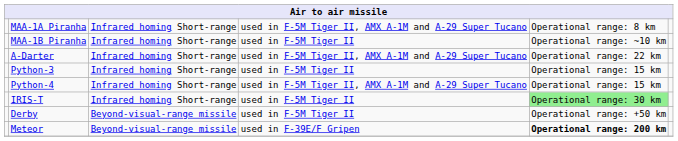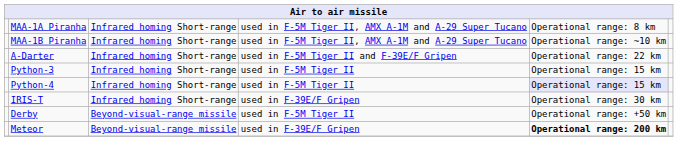 <table class="wikitable">
 <tr>
 <th style="align: center; background: lavender;" colspan="8"><strong>Air to air missile</strong></th>
 </tr>
 <tr>
 <td></td>
 <td><a href='#'>MAA-1A Piranha</a></td>
 <td><a href='#'>Infrared homing</a> Short-range</td>
 <td>used in <a href='#'>F-5M Tiger II</a>, <a href='#'>AMX A-1M</a> and <a href='#'>A-29 Super Tucano</a></td>
 <td>Operational range: 8 km</td>
 <td></td>
 </tr>
 <tr>
 <td></td>
 <td><a href='#'>MAA-1B Piranha</a></td>
 <td><a href='#'>Infrared homing</a> Short-range</td>
-<td>used in <a href='#'>F-5M Tiger II</a></td>
+<td>used in <a href='#'>F-5M Tiger II</a>, <a href='#'>AMX A-1M</a> and <a href='#'>A-29 Super Tucano</a></td>
 <td>Operational range: ~10 km</td>
 <td></td>
 </tr>
 <tr>
 <td> </td>
 <td><a href='#'>A-Darter</a></td>
 <td><a href='#'>Infrared homing</a> Short-range</td>
-<td>used in <a href='#'>F-5M Tiger II</a>, <a href='#'>AMX A-1M</a> and <a href='#'>A-29 Super Tucano</a></td>
+<td>used in <a href='#'>F-5M Tiger II</a> and <a href='#'>F-39E/F Gripen</a></td>
 <td>Operational range: 22 km</td>
 <td></td>
 </tr>
 <tr>
 <td></td>
 <td><a href='#'>Python-3</a></td>
 <td><a href='#'>Infrared homing</a> Short-range</td>
 <td>used in <a href='#'>F-5M Tiger II</a></td>
 <td>Operational range: 15 km</td>
 <td></td>
 </tr>
 <tr>
 <td></td>
 <td><a href='#'>Python-4</a></td>
 <td><a href='#'>Infrared homing</a> Short-range</td>
-<td>used in <a href='#'>F-5M Tiger II</a>, <a href='#'>AMX A-1M</a> and <a href='#'>A-29 Super Tucano</a></td>
-<td>Operational range: 15 km</td>
+<td>used in <a href='#'>F-5M Tiger II</a></td>
+<td style="background: lavender;">Operational range: 15 km</td>
 <td></td>
 </tr>
 <tr>
 <td></td>
 <td><a href='#'>IRIS-T</a></td>
 <td><a href='#'>Infrared homing</a> Short-range</td>
-<td>used in <a href='#'>F-5M Tiger II</a></td>
-<td style="background: lightgreen;">Operational range: 30 km</td>
+<td>used in <a href='#'>F-39E/F Gripen</a></td>
+<td>Operational range: 30 km</td>
 <td></td>
 </tr>
 <tr>
 <td></td>
 <td><a href='#'>Derby</a></td>
 <td><a href='#'>Beyond-visual-range missile</a></td>
 <td>used in <a href='#'>F-5M Tiger II</a></td>
 <td>Operational range: +50 km</td>
 <td></td>
 </tr>
 <tr>
 <td></td>
 <td><a href='#'>Meteor</a></td>
 <td><a href='#'>Beyond-visual-range missile</a></td>
 <td>used in <a href='#'>F-39E/F Gripen</a></td>
 <td><strong>Operational range: 200 km</strong></td>
 <td></td>
 </tr>
 <tr>
 </tr>
 </table>
